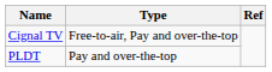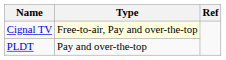 <table class="wikitable sortable">
 <tr>
 <th>Name</th>
 <th>Type</th>
 <th>Ref</th>
 </tr>
 <tr>
 <td><a href='#'>Cignal TV</a></td>
-<td>Free-to-air, Pay and over-the-top</td>
+<td style="background: lightyellow;">Free-to-air, Pay and over-the-top</td>
 <td rowspan=2></td>
 </tr>
 <tr>
 <td><a href='#'>PLDT</a></td>
 <td>Pay and over-the-top</td>
 </tr>
 </table>
